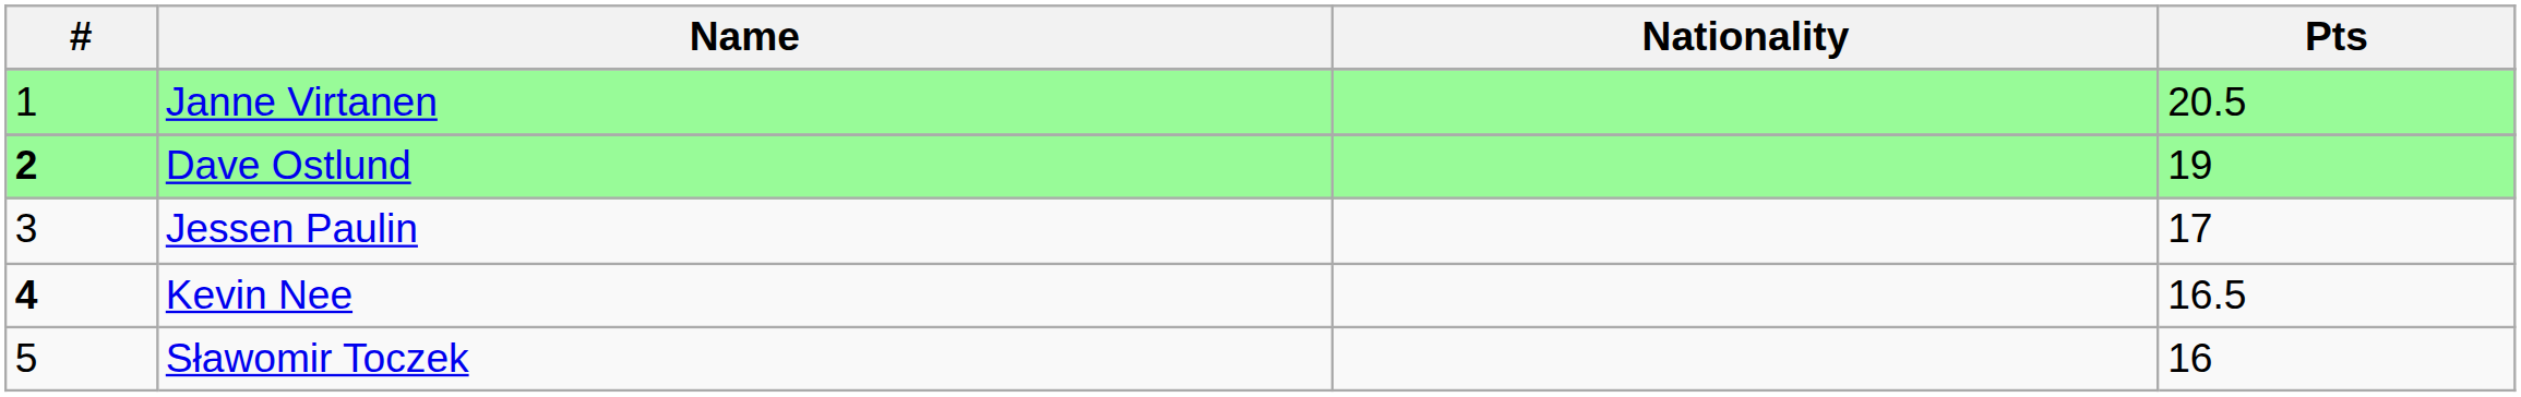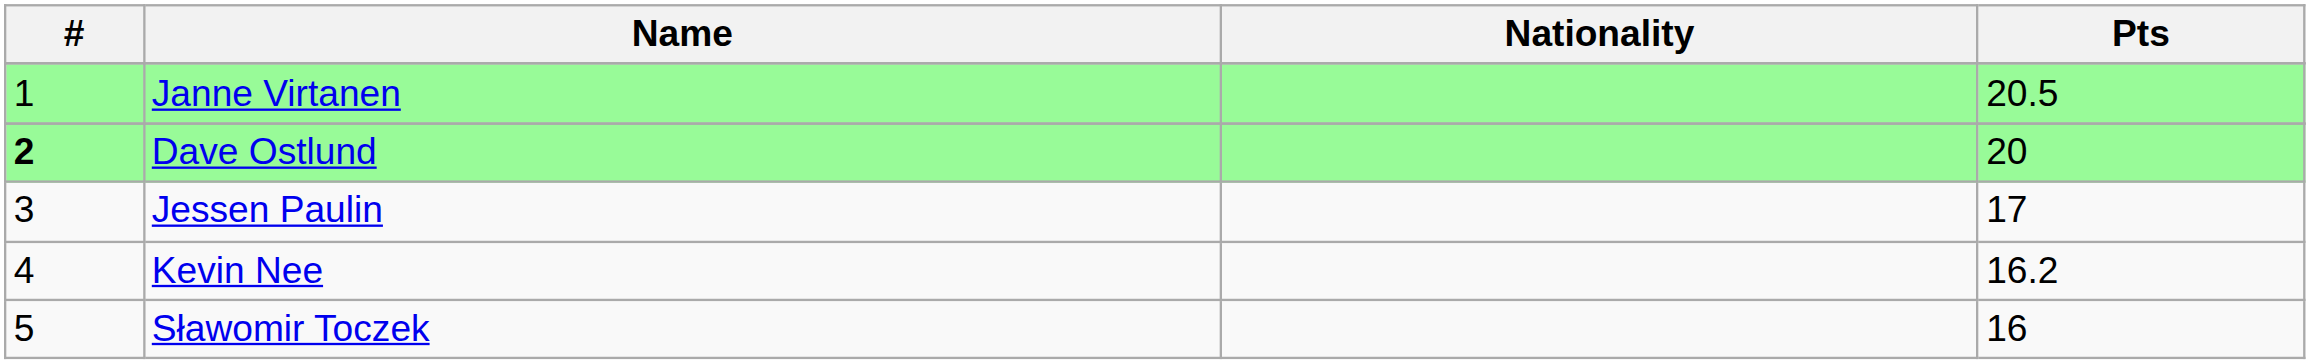 <table class="wikitable" style="display: inline-table; width: 50%;">
 <tr>
 <th>#</th>
 <th>Name</th>
 <th>Nationality</th>
 <th>Pts</th>
 </tr>
 <tr>
 </tr>
 <tr style="background:palegreen">
 <td>1</td>
 <td><a href='#'>Janne Virtanen</a></td>
 <td></td>
 <td>20.5</td>
 </tr>
 <tr>
 </tr>
 <tr style="background:palegreen">
 <td><strong>2</strong></td>
 <td><a href='#'>Dave Ostlund</a></td>
 <td></td>
-<td>19</td>
+<td>20</td>
 </tr>
 <tr>
 <td>3</td>
 <td><a href='#'>Jessen Paulin</a></td>
 <td></td>
 <td>17</td>
 </tr>
 <tr>
-<td><strong>4</strong></td>
+<td>4</td>
 <td><a href='#'>Kevin Nee</a></td>
 <td></td>
-<td>16.5</td>
+<td>16.2</td>
 </tr>
 <tr>
 <td>5</td>
 <td><a href='#'>Sławomir Toczek</a></td>
 <td></td>
 <td>16</td>
 </tr>
 </table>
